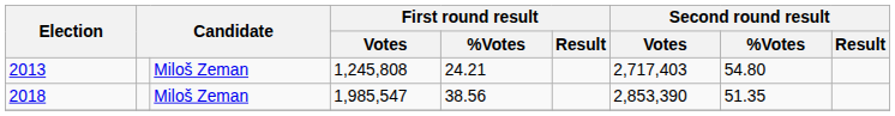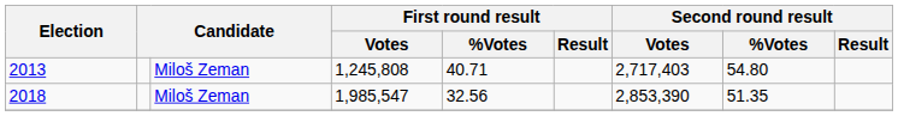 <table class="wikitable">
 <tr>
 <th width="120" rowspan="2">Election</th>
 <th width="180" rowspan="2" colspan=2>Candidate</th>
 <th width="200" colspan=3>First round result</th>
 <th width="200" colspan=3>Second round result</th>
 </tr>
 <tr>
 <th width="100">Votes</th>
 <th width="100">%Votes</th>
 <th>Result</th>
 <th width="100">Votes</th>
 <th width="100">%Votes</th>
 <th>Result</th>
 </tr>
 <tr>
 <td><a href='#'>2013</a></td>
 <td style="background-color: "></td>
 <td><a href='#'>Miloš Zeman</a></td>
 <td>1,245,808</td>
-<td>24.21</td>
+<td>40.71</td>
 <td></td>
 <td>2,717,403</td>
 <td>54.80</td>
 <td></td>
 </tr>
 <tr>
 <td><a href='#'>2018</a></td>
 <td style="background-color: "></td>
 <td><a href='#'>Miloš Zeman</a></td>
 <td>1,985,547</td>
-<td>38.56</td>
+<td>32.56</td>
 <td></td>
 <td>2,853,390</td>
 <td>51.35</td>
 <td></td>
 </tr>
 <tr>
 </tr>
 </table>
